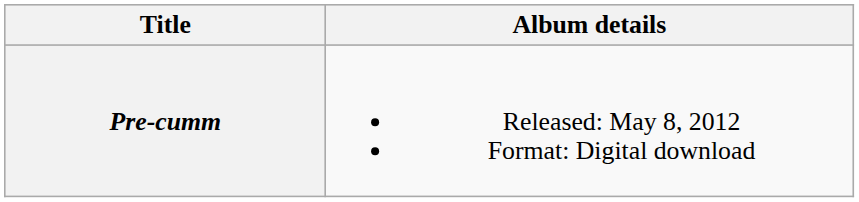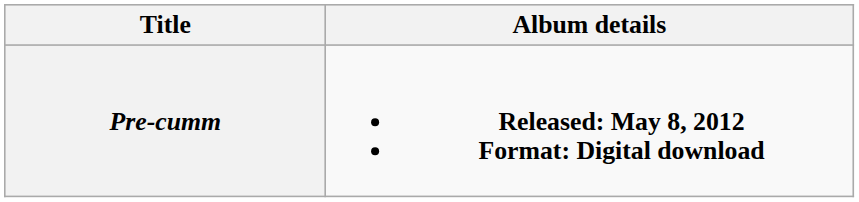 <table class="wikitable plainrowheaders" style="text-align:center;">
 <tr>
 <th style="width:12em;">Title</th>
 <th style="width:20em;">Album details</th>
 </tr>
 <tr>
 <th scope="row"><em>Pre-cumm</em></th>
-<td><br><ul><li>Released: May 8, 2012</li><li>Format: Digital download</li></ul></td>
+<td><strong><br><ul><li>Released: May 8, 2012</li><li>Format: Digital download</li></ul></strong></td>
 </tr>
 </table>
